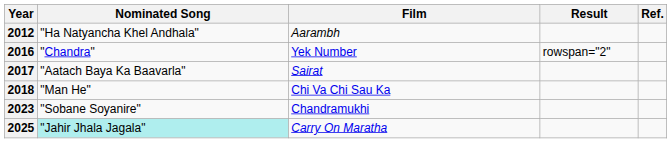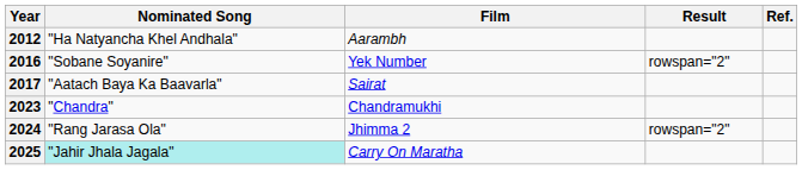 <table class="wikitable plainrowheaders" width="100%" textcolor:#000;">
 <tr>
 <th scope="col" width=5%><strong>Year</strong></th>
 <th scope="col" width=39%><strong>Nominated Song</strong></th>
 <th scope="col" width=39%><strong>Film</strong></th>
 <th scope="col" width=15%><strong>Result</strong></th>
 <th scope="col" width=2%><strong>Ref.</strong></th>
 </tr>
 <tr>
 <th scope="row">2012</th>
 <td>"Ha Natyancha Khel Andhala"</td>
 <td><em>Aarambh</em></td>
 <td></td>
 <td></td>
 </tr>
 <tr>
 <th scope="row">2016</th>
-<td>"<a href='#'>Chandra</a>"</td>
+<td>"Sobane Soyanire"</td>
 <td><a href='#'>Yek Number</a></td>
 <td>rowspan="2" </td>
 <td></td>
 </tr>
 <tr>
 <th scope="row">2017</th>
 <td>"Aatach Baya Ka Baavarla"</td>
 <td><em><a href='#'>Sairat</a></em></td>
 <td></td>
 </tr>
 <tr>
-<th scope="row">2018</th>
-<td>"Man He"</td>
-<td><a href='#'>Chi Va Chi Sau Ka</a></td>
+<th scope="row">2023</th>
+<td>"<a href='#'>Chandra</a>"</td>
+<td><a href='#'>Chandramukhi</a></td>
 <td></td>
 <td></td>
 </tr>
 <tr>
-<th scope="row">2023</th>
-<td>"Sobane Soyanire"</td>
-<td><a href='#'>Chandramukhi</a></td>
-<td></td>
+<th scope="row">2024</th>
+<td>"Rang Jarasa Ola"</td>
+<td><a href='#'>Jhimma 2</a></td>
+<td>rowspan="2" </td>
 <td></td>
 </tr>
 <tr>
 <th scope="row">2025</th>
 <td style="background: paleturquoise;">"Jahir Jhala Jagala"</td>
 <td><em><a href='#'>Carry On Maratha</a></em></td>
 <td></td>
 </tr>
 </table>
